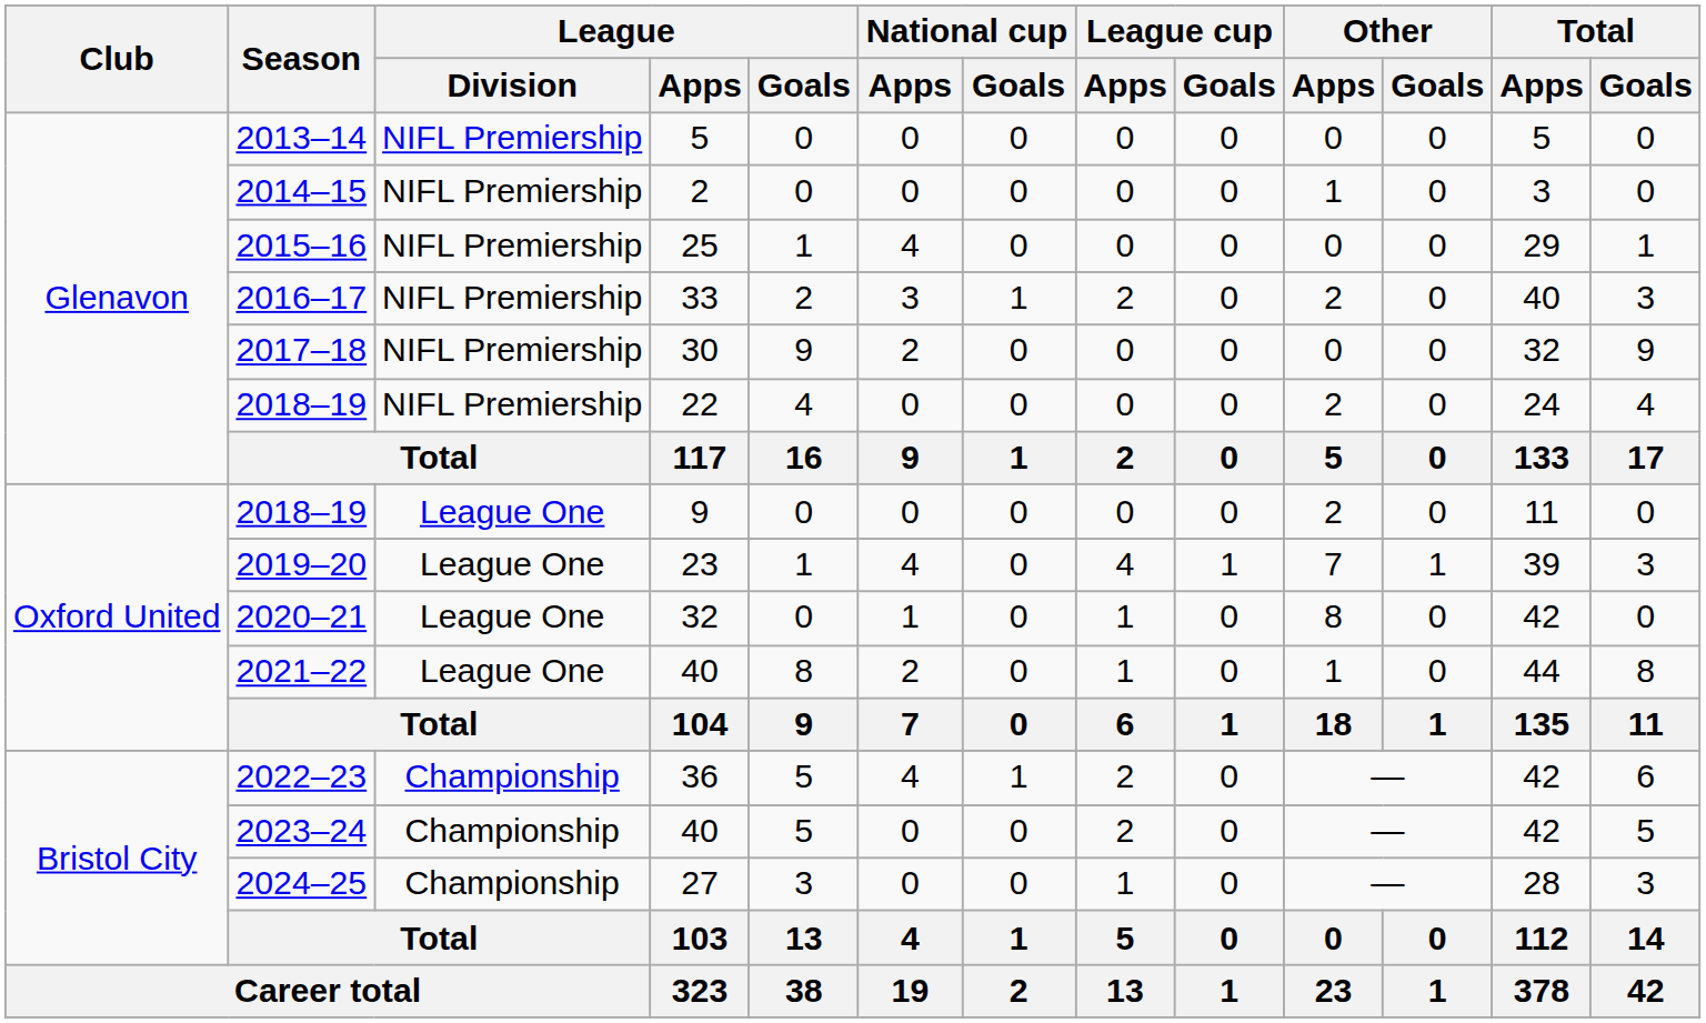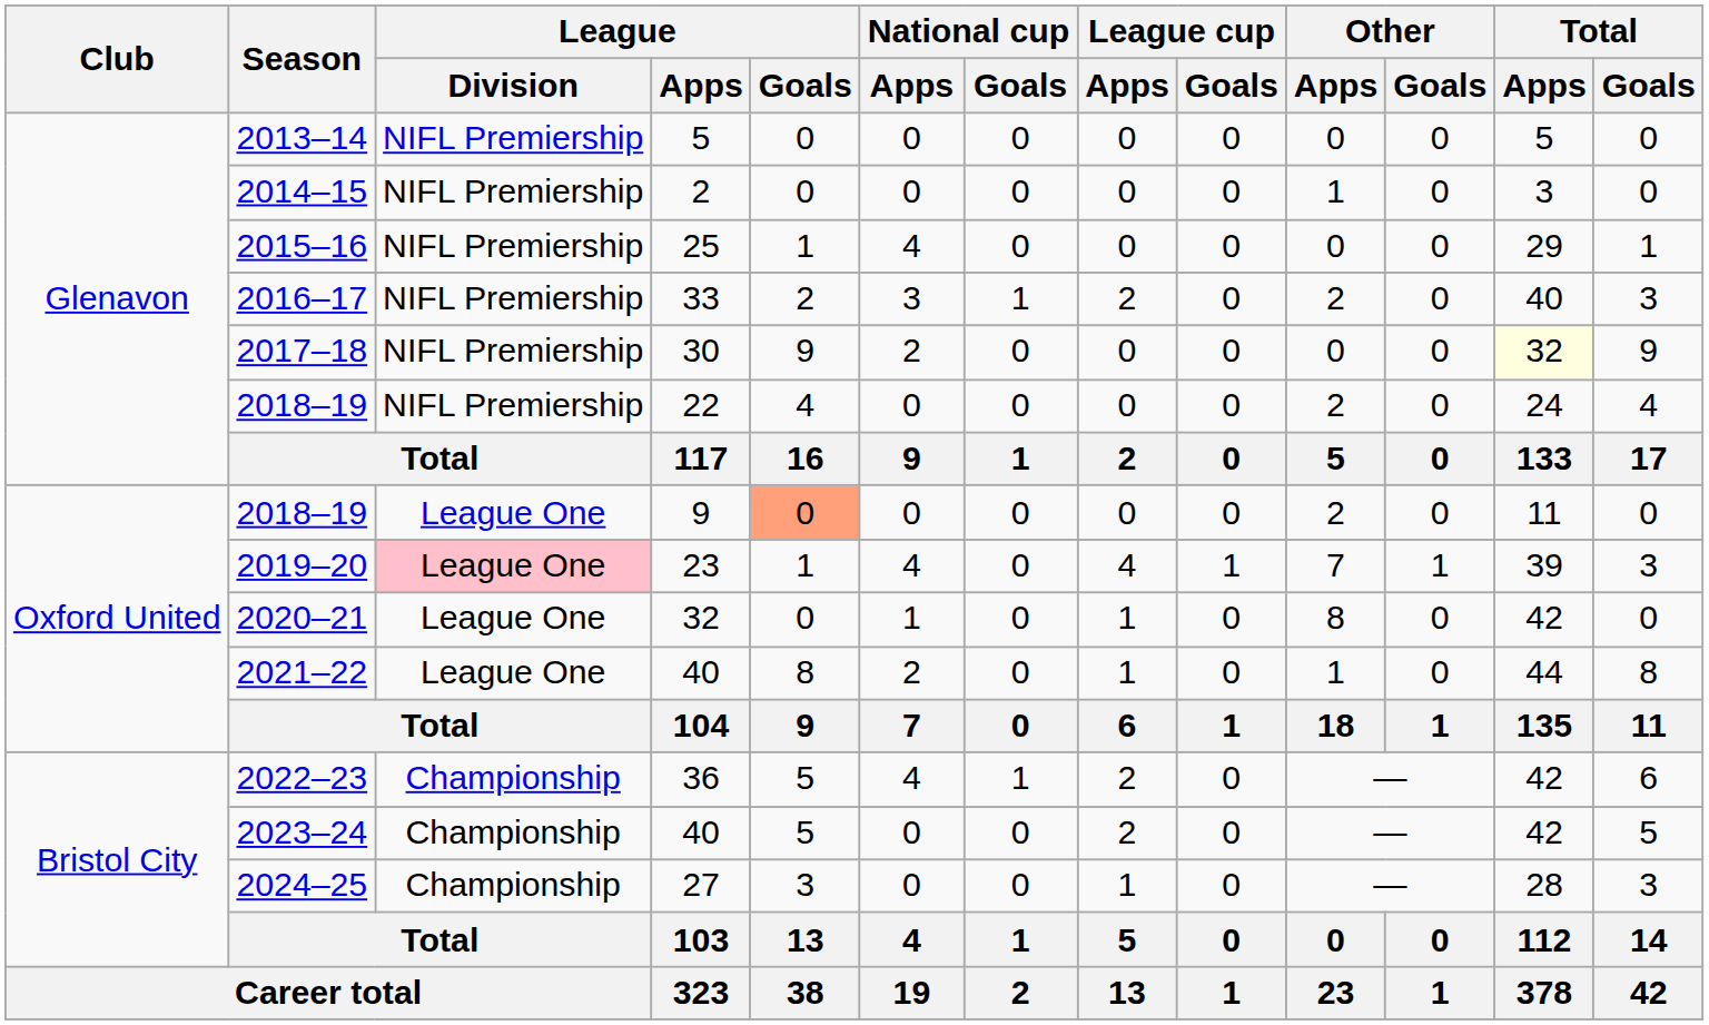 <table class=wikitable style="text-align: center">
 <tr>
 <th rowspan=2>Club</th>
 <th rowspan=2>Season</th>
 <th colspan=3>League</th>
 <th colspan=2>National cup</th>
 <th colspan=2>League cup</th>
 <th colspan=2>Other</th>
 <th colspan=2>Total</th>
 </tr>
 <tr>
 <th>Division</th>
 <th>Apps</th>
 <th>Goals</th>
 <th>Apps</th>
 <th>Goals</th>
 <th>Apps</th>
 <th>Goals</th>
 <th>Apps</th>
 <th>Goals</th>
 <th>Apps</th>
 <th>Goals</th>
 </tr>
 <tr>
 <td rowspan="7"><a href='#'>Glenavon</a></td>
 <td><a href='#'>2013–14</a></td>
 <td><a href='#'>NIFL Premiership</a></td>
 <td>5</td>
 <td>0</td>
 <td>0</td>
 <td>0</td>
 <td>0</td>
 <td>0</td>
 <td>0</td>
 <td>0</td>
 <td>5</td>
 <td>0</td>
 </tr>
 <tr>
 <td><a href='#'>2014–15</a></td>
 <td>NIFL Premiership</td>
 <td>2</td>
 <td>0</td>
 <td>0</td>
 <td>0</td>
 <td>0</td>
 <td>0</td>
 <td>1</td>
 <td>0</td>
 <td>3</td>
 <td>0</td>
 </tr>
 <tr>
 <td><a href='#'>2015–16</a></td>
 <td>NIFL Premiership</td>
 <td>25</td>
 <td>1</td>
 <td>4</td>
 <td>0</td>
 <td>0</td>
 <td>0</td>
 <td>0</td>
 <td>0</td>
 <td>29</td>
 <td>1</td>
 </tr>
 <tr>
 <td><a href='#'>2016–17</a></td>
 <td>NIFL Premiership</td>
 <td>33</td>
 <td>2</td>
 <td>3</td>
 <td>1</td>
 <td>2</td>
 <td>0</td>
 <td>2</td>
 <td>0</td>
 <td>40</td>
 <td>3</td>
 </tr>
 <tr>
 <td><a href='#'>2017–18</a></td>
 <td>NIFL Premiership</td>
 <td>30</td>
 <td>9</td>
 <td>2</td>
 <td>0</td>
 <td>0</td>
 <td>0</td>
 <td>0</td>
 <td>0</td>
-<td>32</td>
+<td style="background: lightyellow;">32</td>
 <td>9</td>
 </tr>
 <tr>
 <td><a href='#'>2018–19</a></td>
 <td>NIFL Premiership</td>
 <td>22</td>
 <td>4</td>
 <td>0</td>
 <td>0</td>
 <td>0</td>
 <td>0</td>
 <td>2</td>
 <td>0</td>
 <td>24</td>
 <td>4</td>
 </tr>
 <tr>
 <th colspan=2>Total</th>
 <th>117</th>
 <th>16</th>
 <th>9</th>
 <th>1</th>
 <th>2</th>
 <th>0</th>
 <th>5</th>
 <th>0</th>
 <th>133</th>
 <th>17</th>
 </tr>
 <tr>
 <td rowspan="5"><a href='#'>Oxford United</a></td>
 <td><a href='#'>2018–19</a></td>
 <td><a href='#'>League One</a></td>
 <td>9</td>
-<td>0</td>
+<td style="background: lightsalmon;">0</td>
 <td>0</td>
 <td>0</td>
 <td>0</td>
 <td>0</td>
 <td>2</td>
 <td>0</td>
 <td>11</td>
 <td>0</td>
 </tr>
 <tr>
 <td><a href='#'>2019–20</a></td>
-<td>League One</td>
+<td style="background: pink;">League One</td>
 <td>23</td>
 <td>1</td>
 <td>4</td>
 <td>0</td>
 <td>4</td>
 <td>1</td>
 <td>7</td>
 <td>1</td>
 <td>39</td>
 <td>3</td>
 </tr>
 <tr>
 <td><a href='#'>2020–21</a></td>
 <td>League One</td>
 <td>32</td>
 <td>0</td>
 <td>1</td>
 <td>0</td>
 <td>1</td>
 <td>0</td>
 <td>8</td>
 <td>0</td>
 <td>42</td>
 <td>0</td>
 </tr>
 <tr>
 <td><a href='#'>2021–22</a></td>
 <td>League One</td>
 <td>40</td>
 <td>8</td>
 <td>2</td>
 <td>0</td>
 <td>1</td>
 <td>0</td>
 <td>1</td>
 <td>0</td>
 <td>44</td>
 <td>8</td>
 </tr>
 <tr>
 <th colspan=2>Total</th>
 <th>104</th>
 <th>9</th>
 <th>7</th>
 <th>0</th>
 <th>6</th>
 <th>1</th>
 <th>18</th>
 <th>1</th>
 <th>135</th>
 <th>11</th>
 </tr>
 <tr>
 <td rowspan="4"><a href='#'>Bristol City</a></td>
 <td><a href='#'>2022–23</a></td>
 <td><a href='#'>Championship</a></td>
 <td>36</td>
 <td>5</td>
 <td>4</td>
 <td>1</td>
 <td>2</td>
 <td>0</td>
 <td colspan=2>—</td>
 <td>42</td>
 <td>6</td>
 </tr>
 <tr>
 <td><a href='#'>2023–24</a></td>
 <td>Championship</td>
 <td>40</td>
 <td>5</td>
 <td>0</td>
 <td>0</td>
 <td>2</td>
 <td>0</td>
 <td colspan=2>—</td>
 <td>42</td>
 <td>5</td>
 </tr>
 <tr>
 <td><a href='#'>2024–25</a></td>
 <td>Championship</td>
 <td>27</td>
 <td>3</td>
 <td>0</td>
 <td>0</td>
 <td>1</td>
 <td>0</td>
 <td colspan=2>—</td>
 <td>28</td>
 <td>3</td>
 </tr>
 <tr>
 <th colspan=2>Total</th>
 <th>103</th>
 <th>13</th>
 <th>4</th>
 <th>1</th>
 <th>5</th>
 <th>0</th>
 <th>0</th>
 <th>0</th>
 <th>112</th>
 <th>14</th>
 </tr>
 <tr>
 <th colspan=3>Career total</th>
 <th>323</th>
 <th>38</th>
 <th>19</th>
 <th>2</th>
 <th>13</th>
 <th>1</th>
 <th>23</th>
 <th>1</th>
 <th>378</th>
 <th>42</th>
 </tr>
 </table>
